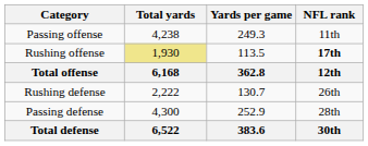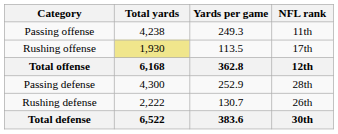 <table class="wikitable" style="text-align:center">
 <tr>
 <th width="150">Category</th>
 <th width="100">Total yards</th>
 <th width="110">Yards per game</th>
 <th width="80">NFL rank<br></th>
 </tr>
 <tr>
 <td>Passing offense</td>
 <td>4,238</td>
 <td>249.3</td>
 <td>11th</td>
 </tr>
 <tr>
 <td>Rushing offense</td>
 <td style="background: khaki;">1,930</td>
 <td>113.5</td>
-<td><strong>17th</strong></td>
+<td>17th</td>
 </tr>
 <tr>
 <th>Total offense</th>
 <th>6,168</th>
 <th>362.8</th>
 <th>12th</th>
 </tr>
 <tr>
+<td>Passing defense</td>
+<td>4,300</td>
+<td>252.9</td>
+<td>28th</td>
+</tr>
+<tr>
 <td>Rushing defense</td>
 <td>2,222</td>
 <td>130.7</td>
 <td>26th</td>
-</tr>
-<tr>
-<td>Passing defense</td>
-<td>4,300</td>
-<td>252.9</td>
-<td>28th</td>
 </tr>
 <tr>
 <th>Total defense</th>
 <th>6,522</th>
 <th>383.6</th>
 <th>30th</th>
 </tr>
 </table>
